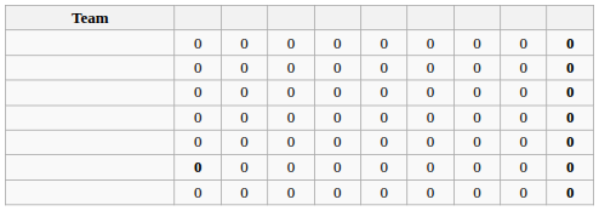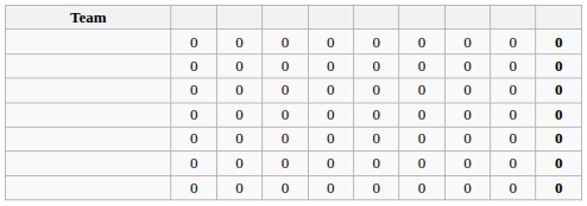 <table class="wikitable" style="text-align:center;">
 <tr>
 <th width=165>Team</th>
 <th width=40></th>
 <th width=40></th>
 <th width=40></th>
 <th width=40></th>
 <th width=40></th>
 <th width=40></th>
 <th width=40></th>
 <th width=40></th>
 <th width=40></th>
 </tr>
 <tr style="background:">
 <td style="text-align:left;"></td>
 <td>0</td>
 <td>0</td>
 <td>0</td>
 <td>0</td>
 <td>0</td>
 <td>0</td>
 <td>0</td>
 <td>0</td>
 <td><strong>0</strong></td>
 </tr>
 <tr style="background:">
 <td style="text-align:left;"></td>
 <td>0</td>
 <td>0</td>
 <td>0</td>
 <td>0</td>
 <td>0</td>
 <td>0</td>
 <td>0</td>
 <td>0</td>
 <td><strong>0</strong></td>
 </tr>
 <tr style="background:">
 <td style="text-align:left;"></td>
 <td>0</td>
 <td>0</td>
 <td>0</td>
 <td>0</td>
 <td>0</td>
 <td>0</td>
 <td>0</td>
 <td>0</td>
 <td><strong>0</strong></td>
 </tr>
 <tr style="background:">
 <td style="text-align:left;"></td>
 <td>0</td>
 <td>0</td>
 <td>0</td>
 <td>0</td>
 <td>0</td>
 <td>0</td>
 <td>0</td>
 <td>0</td>
 <td><strong>0</strong></td>
 </tr>
 <tr style="background:">
 <td style="text-align:left;"><strong></strong></td>
 <td>0</td>
 <td>0</td>
 <td>0</td>
 <td>0</td>
 <td>0</td>
 <td>0</td>
 <td>0</td>
 <td>0</td>
 <td><strong>0</strong></td>
 </tr>
 <tr style="background:">
 <td style="text-align:left;"></td>
-<td><strong>0</strong></td>
+<td>0</td>
 <td>0</td>
 <td>0</td>
 <td>0</td>
 <td>0</td>
 <td>0</td>
 <td>0</td>
 <td>0</td>
 <td><strong>0</strong></td>
 </tr>
 <tr style="background:">
 <td style="text-align:left;"></td>
 <td>0</td>
 <td>0</td>
 <td>0</td>
 <td>0</td>
 <td>0</td>
 <td>0</td>
 <td>0</td>
 <td>0</td>
 <td><strong>0</strong></td>
 </tr>
 </table>
